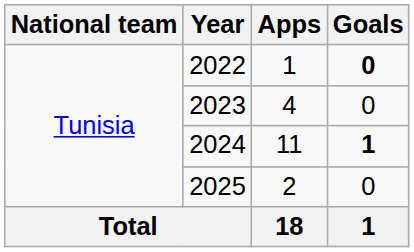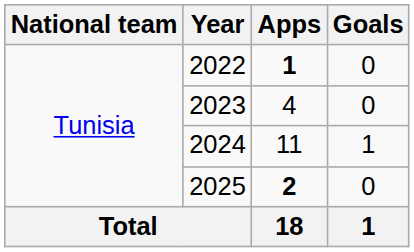 <table class=wikitable style=text-align:center>
 <tr>
 <th>National team</th>
 <th>Year</th>
 <th>Apps</th>
 <th>Goals</th>
 </tr>
 <tr>
 <td rowspan="4"><a href='#'>Tunisia</a></td>
 <td>2022</td>
-<td>1</td>
-<td><strong>0</strong></td>
+<td><strong>1</strong></td>
+<td>0</td>
 </tr>
 <tr>
 <td>2023</td>
 <td>4</td>
 <td>0</td>
 </tr>
 <tr>
 <td>2024</td>
 <td>11</td>
-<td><strong>1</strong></td>
+<td>1</td>
 </tr>
 <tr>
 <td>2025</td>
-<td>2</td>
+<td><strong>2</strong></td>
 <td>0</td>
 </tr>
 <tr>
 <th colspan="2">Total</th>
 <th>18</th>
 <th>1</th>
 </tr>
 </table>
